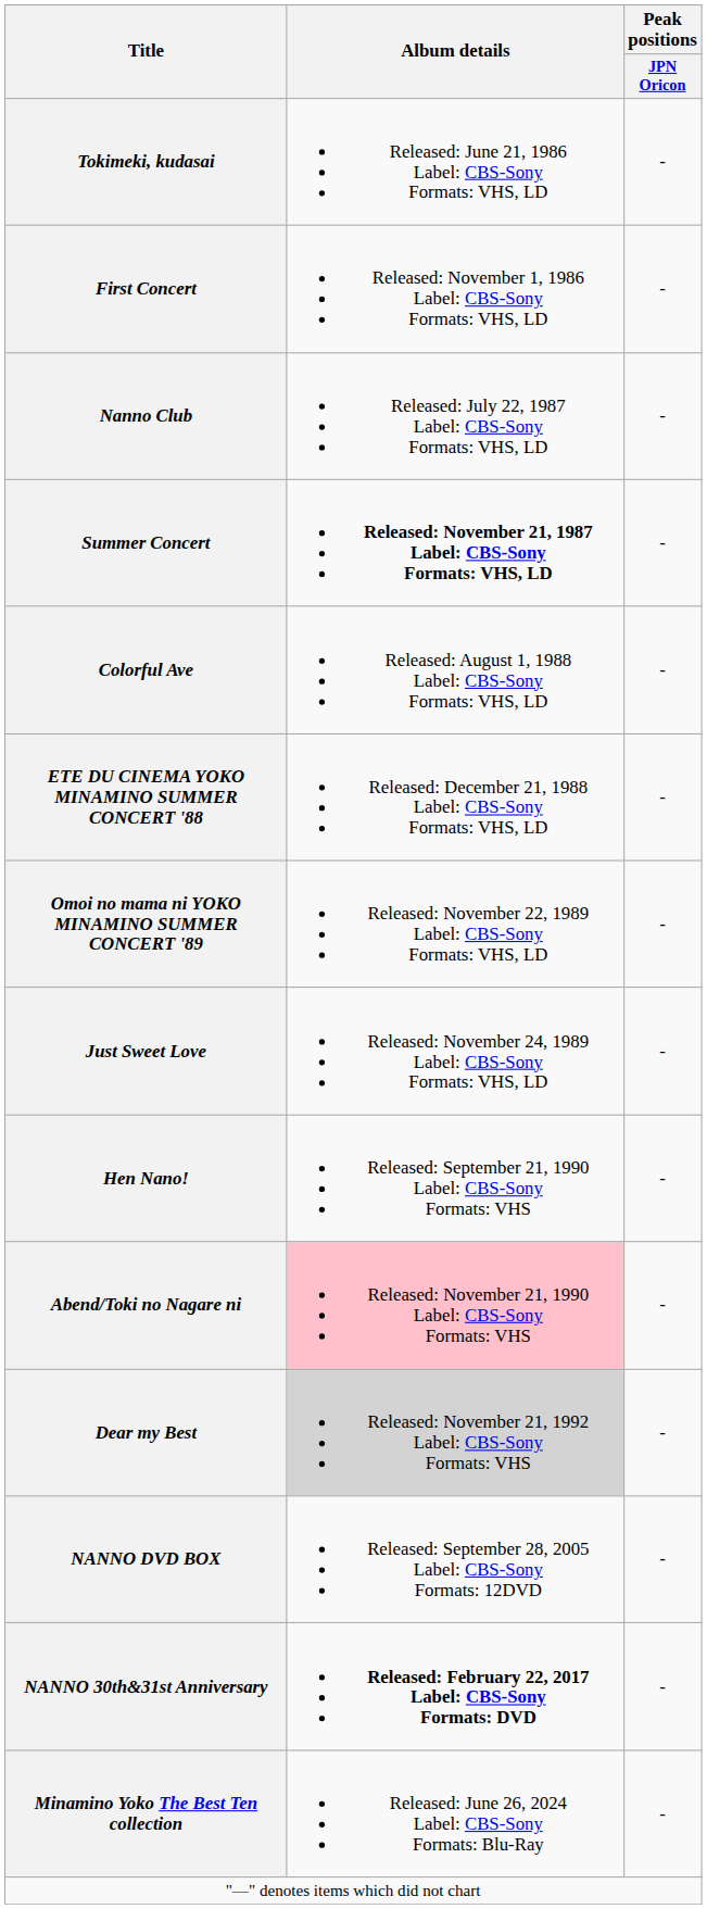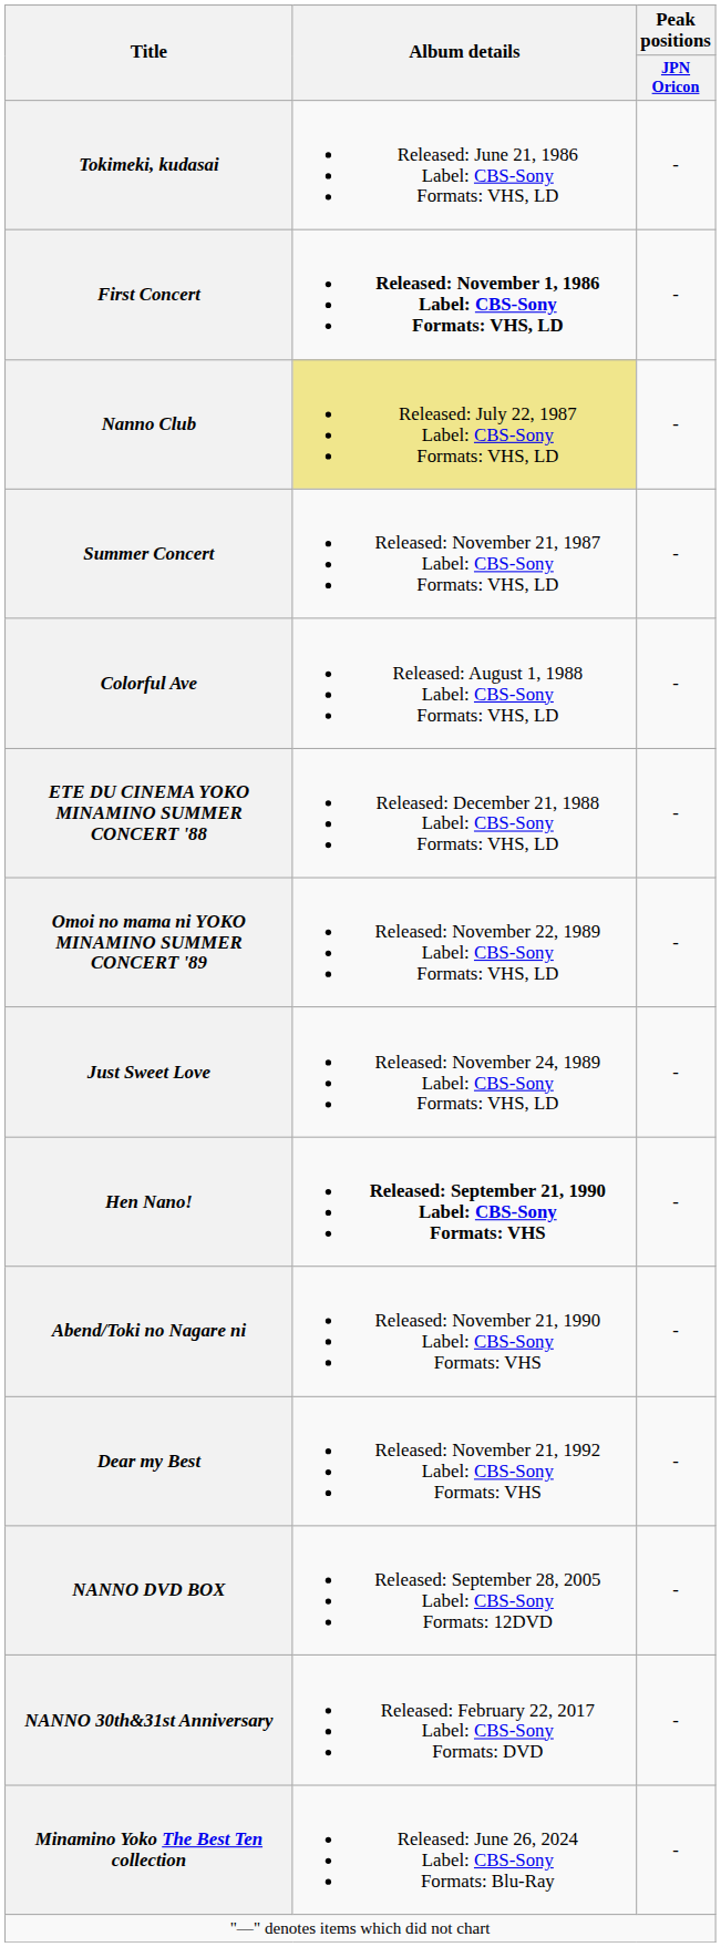 <table class="wikitable plainrowheaders" style="text-align:center;">
 <tr>
 <th style="width:15em;" rowspan="2">Title</th>
 <th style="width:18em;" rowspan="2">Album details</th>
 <th colspan="1">Peak positions</th>
 </tr>
 <tr>
 <th style="width:3em;font-size:85%"><a href='#'>JPN<br>Oricon</a><br></th>
 </tr>
 <tr>
 <th scope="row"><em>Tokimeki, kudasai</em></th>
 <td><br><ul><li>Released: June 21, 1986</li><li>Label: <a href='#'>CBS-Sony</a></li><li>Formats: VHS, LD</li></ul></td>
 <td>-</td>
 </tr>
 <tr>
 <th scope="row"><em>First Concert</em></th>
-<td><br><ul><li>Released: November 1, 1986</li><li>Label: <a href='#'>CBS-Sony</a></li><li>Formats: VHS, LD</li></ul></td>
+<td><strong><br><ul><li>Released: November 1, 1986</li><li>Label: <a href='#'>CBS-Sony</a></li><li>Formats: VHS, LD</li></ul></strong></td>
 <td>-</td>
 </tr>
 <tr>
 <th scope="row"><em>Nanno Club</em></th>
-<td><br><ul><li>Released: July 22, 1987</li><li>Label: <a href='#'>CBS-Sony</a></li><li>Formats: VHS, LD</li></ul></td>
+<td style="background: khaki;"><br><ul><li>Released: July 22, 1987</li><li>Label: <a href='#'>CBS-Sony</a></li><li>Formats: VHS, LD</li></ul></td>
 <td>-</td>
 </tr>
 <tr>
 <th scope="row"><em>Summer Concert</em></th>
-<td><strong><br><ul><li>Released: November 21, 1987</li><li>Label: <a href='#'>CBS-Sony</a></li><li>Formats: VHS, LD</li></ul></strong></td>
+<td><br><ul><li>Released: November 21, 1987</li><li>Label: <a href='#'>CBS-Sony</a></li><li>Formats: VHS, LD</li></ul></td>
 <td>-</td>
 </tr>
 <tr>
 <th scope="row"><em>Colorful Ave</em></th>
 <td><br><ul><li>Released: August 1, 1988</li><li>Label: <a href='#'>CBS-Sony</a></li><li>Formats: VHS, LD</li></ul></td>
 <td>-</td>
 </tr>
 <tr>
 <th scope="row"><em>ETE DU CINEMA YOKO MINAMINO SUMMER CONCERT '88</em></th>
 <td><br><ul><li>Released: December 21, 1988</li><li>Label: <a href='#'>CBS-Sony</a></li><li>Formats: VHS, LD</li></ul></td>
 <td>-</td>
 </tr>
 <tr>
 <th scope="row"><em>Omoi no mama ni YOKO MINAMINO SUMMER CONCERT '89</em></th>
 <td><br><ul><li>Released: November 22, 1989</li><li>Label: <a href='#'>CBS-Sony</a></li><li>Formats: VHS, LD</li></ul></td>
 <td>-</td>
 </tr>
 <tr>
 <th scope="row"><em>Just Sweet Love</em></th>
 <td><br><ul><li>Released: November 24, 1989</li><li>Label: <a href='#'>CBS-Sony</a></li><li>Formats: VHS, LD</li></ul></td>
 <td>-</td>
 </tr>
 <tr>
 <th scope="row"><em>Hen Nano!</em></th>
-<td><br><ul><li>Released: September 21, 1990</li><li>Label: <a href='#'>CBS-Sony</a></li><li>Formats: VHS</li></ul></td>
+<td><strong><br><ul><li>Released: September 21, 1990</li><li>Label: <a href='#'>CBS-Sony</a></li><li>Formats: VHS</li></ul></strong></td>
 <td>-</td>
 </tr>
 <tr>
 <th scope="row"><em>Abend/Toki no Nagare ni</em></th>
-<td style="background: pink;"><br><ul><li>Released: November 21, 1990</li><li>Label: <a href='#'>CBS-Sony</a></li><li>Formats: VHS</li></ul></td>
+<td><br><ul><li>Released: November 21, 1990</li><li>Label: <a href='#'>CBS-Sony</a></li><li>Formats: VHS</li></ul></td>
 <td>-</td>
 </tr>
 <tr>
 <th scope="row"><em>Dear my Best</em></th>
-<td style="background: lightgrey;"><br><ul><li>Released: November 21, 1992</li><li>Label: <a href='#'>CBS-Sony</a></li><li>Formats: VHS</li></ul></td>
+<td><br><ul><li>Released: November 21, 1992</li><li>Label: <a href='#'>CBS-Sony</a></li><li>Formats: VHS</li></ul></td>
 <td>-</td>
 </tr>
 <tr>
 <th scope="row"><em>NANNO DVD BOX</em></th>
 <td><br><ul><li>Released: September 28, 2005</li><li>Label: <a href='#'>CBS-Sony</a></li><li>Formats: 12DVD</li></ul></td>
 <td>-</td>
 </tr>
 <tr>
 <th scope="row"><em>NANNO 30th&31st Anniversary</em></th>
-<td><strong><br><ul><li>Released: February 22, 2017</li><li>Label: <a href='#'>CBS-Sony</a></li><li>Formats: DVD</li></ul></strong></td>
+<td><br><ul><li>Released: February 22, 2017</li><li>Label: <a href='#'>CBS-Sony</a></li><li>Formats: DVD</li></ul></td>
 <td>-</td>
 </tr>
 <tr>
 <th scope="row"><em>Minamino Yoko <a href='#'>The Best Ten</a> collection</em></th>
 <td><br><ul><li>Released: June 26, 2024</li><li>Label: <a href='#'>CBS-Sony</a></li><li>Formats: Blu-Ray</li></ul></td>
 <td>-</td>
 </tr>
 <tr>
 <td colspan="11" align="center" style="font-size:90%;">"—" denotes items which did not chart</td>
 </tr>
 </table>
